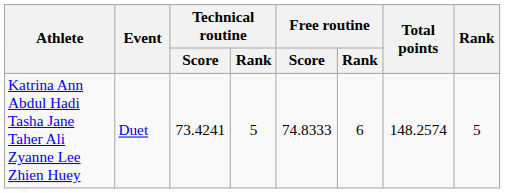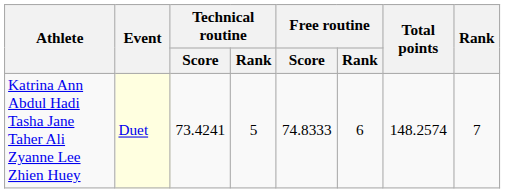 <table class="wikitable" width="75%" style="text-align:center; font-size:90%;">
 <tr>
 <th rowspan="2" width="20%">Athlete</th>
 <th rowspan="2" width="10%">Event</th>
 <th colspan="2" width="12%">Technical routine</th>
 <th colspan="2" width="12%">Free routine</th>
 <th rowspan="2" width="12%">Total points</th>
 <th rowspan="2" width="5%">Rank</th>
 </tr>
 <tr>
 <th width="7%">Score</th>
 <th>Rank</th>
 <th width="7%">Score</th>
 <th>Rank</th>
 </tr>
 <tr>
 <td align=left><a href='#'>Katrina Ann Abdul Hadi</a><br><a href='#'>Tasha Jane Taher Ali</a><br><a href='#'>Zyanne Lee Zhien Huey</a></td>
-<td align=left><a href='#'>Duet</a></td>
+<td align=left style="background: lightyellow;"><a href='#'>Duet</a></td>
 <td>73.4241</td>
 <td>5</td>
 <td>74.8333</td>
 <td>6</td>
 <td>148.2574</td>
-<td>5</td>
+<td>7</td>
 </tr>
 </table>
